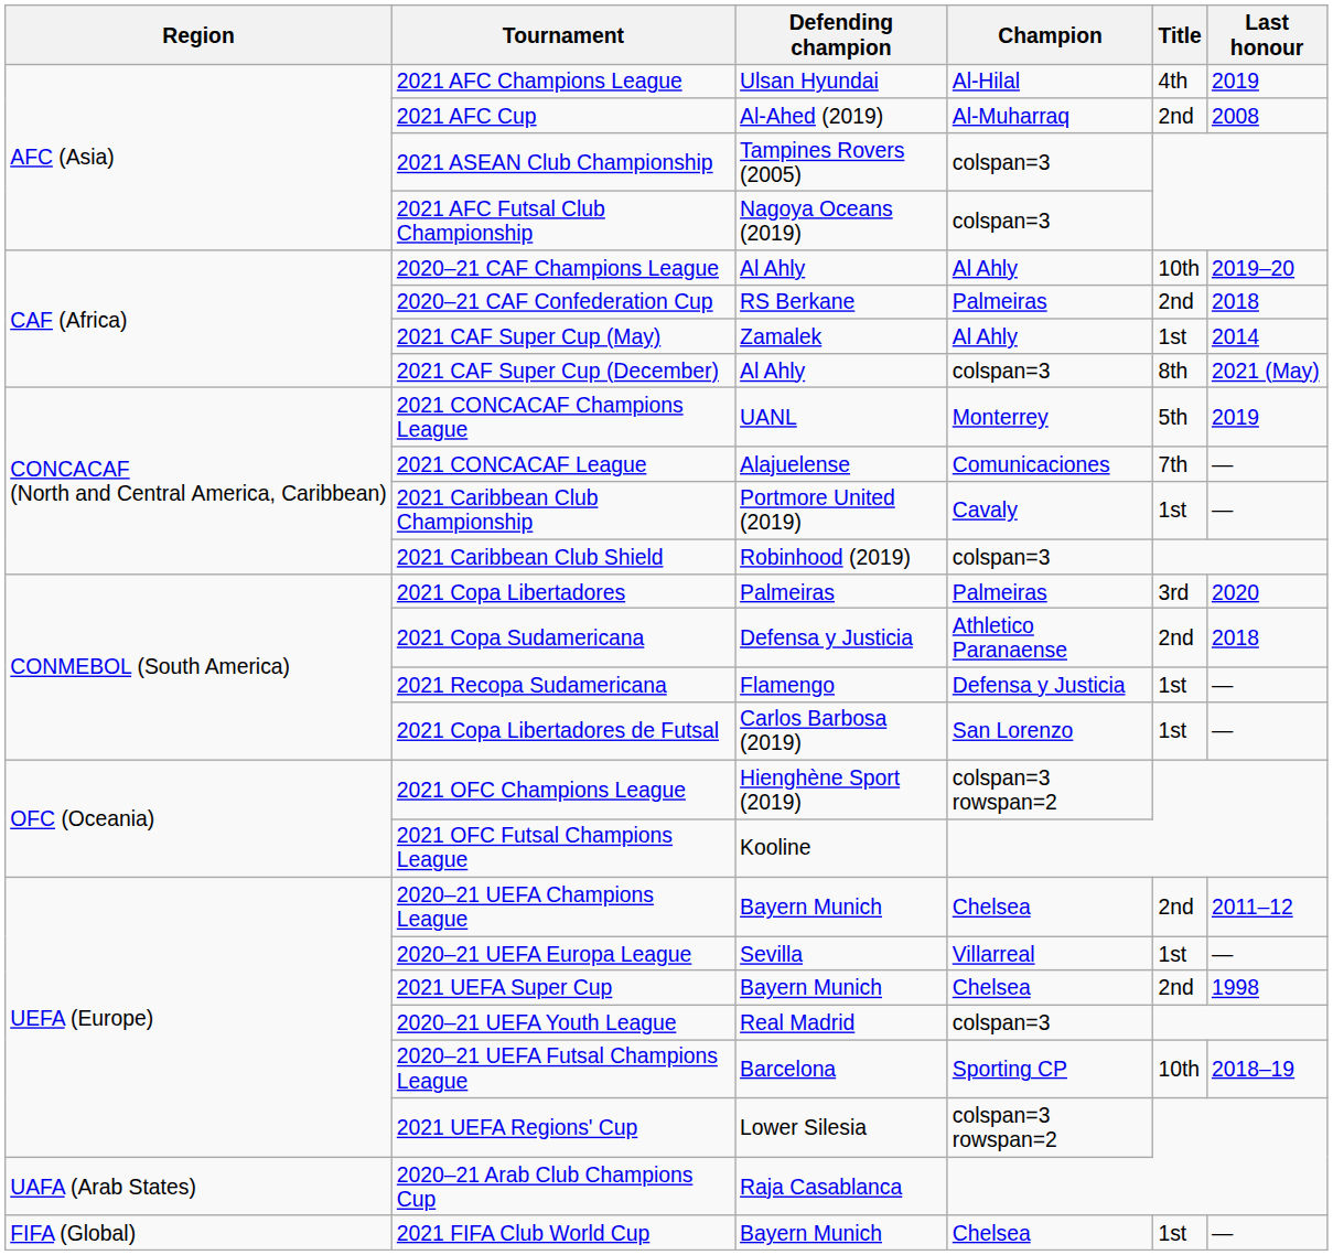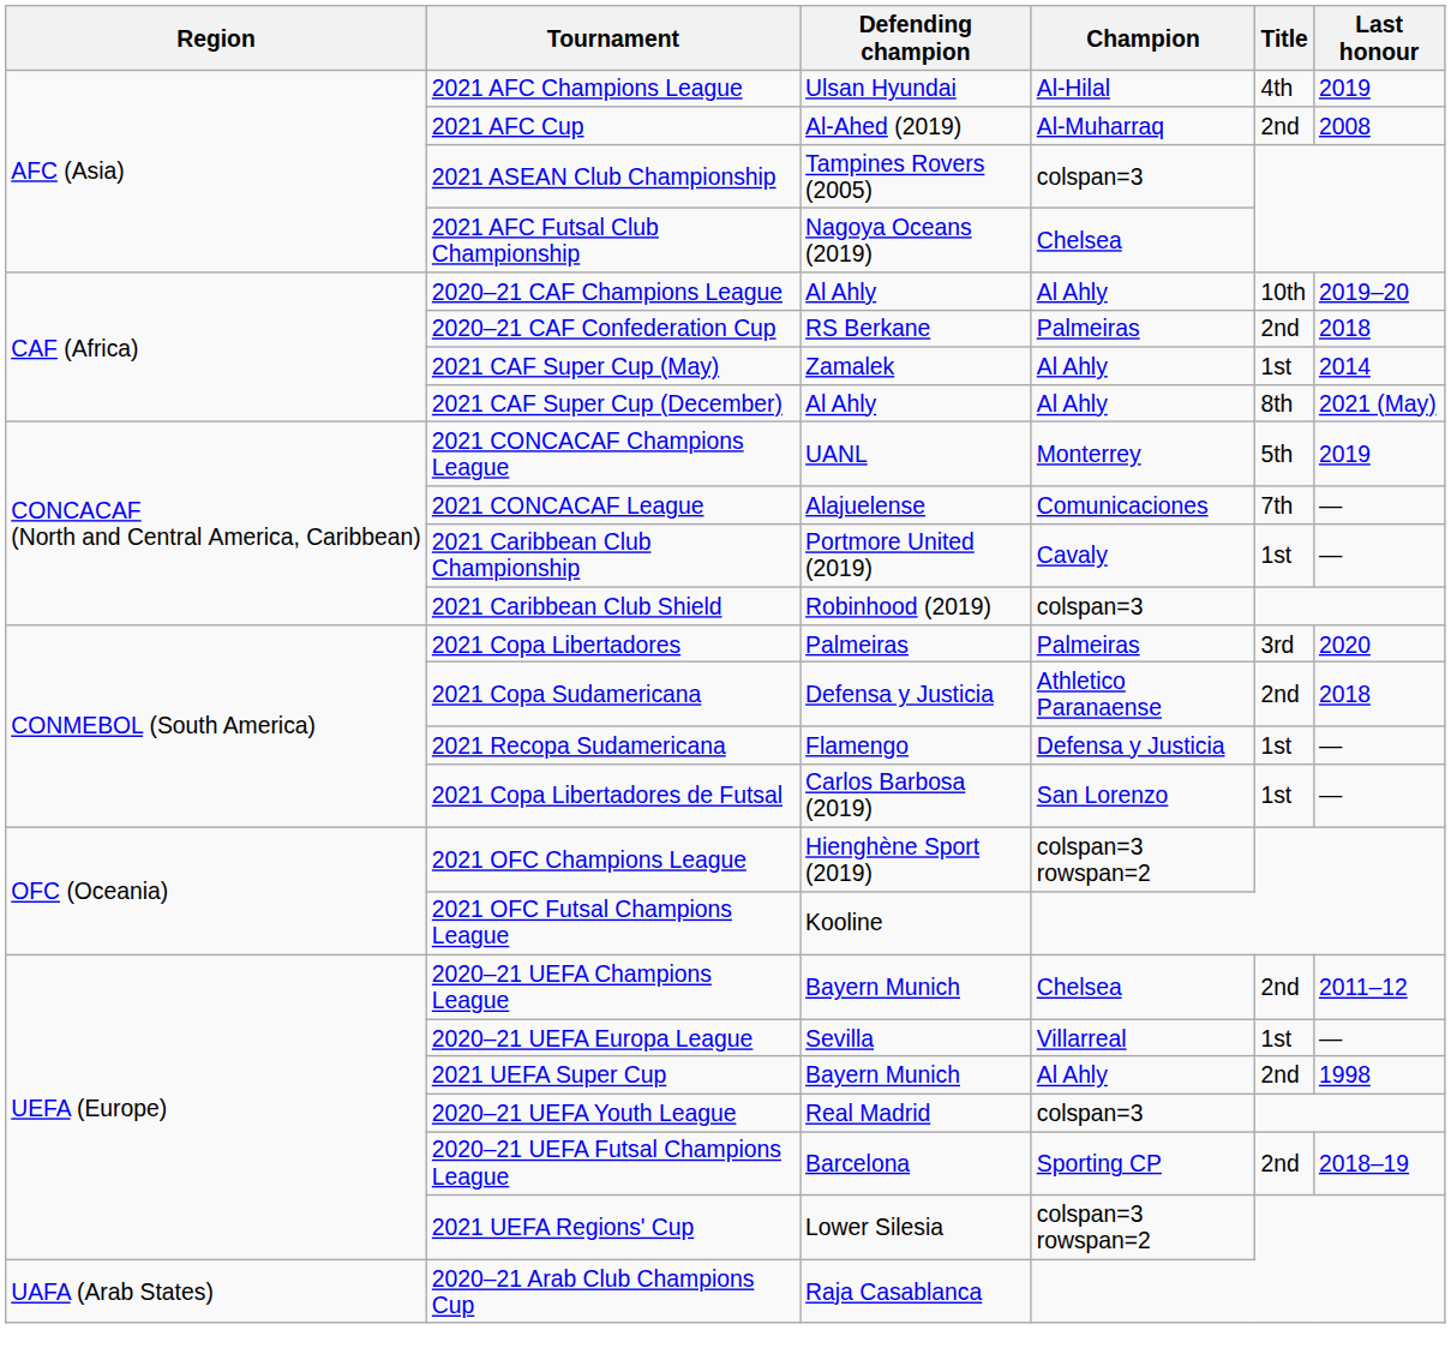 <table class=wikitable style="font-size:14px">
 <tr>
 <th>Region</th>
 <th>Tournament</th>
 <th>Defending champion</th>
 <th>Champion</th>
 <th>Title</th>
 <th>Last honour</th>
 </tr>
 <tr>
 <td rowspan=4><a href='#'>AFC</a> (Asia)</td>
 <td><a href='#'>2021 AFC Champions League</a></td>
 <td> <a href='#'>Ulsan Hyundai</a></td>
 <td> <a href='#'>Al-Hilal</a></td>
 <td>4th</td>
 <td><a href='#'>2019</a></td>
 </tr>
 <tr>
 <td><a href='#'>2021 AFC Cup</a></td>
 <td> <a href='#'>Al-Ahed</a> (2019)</td>
 <td> <a href='#'>Al-Muharraq</a></td>
 <td>2nd</td>
 <td><a href='#'>2008</a></td>
 </tr>
 <tr>
 <td><a href='#'>2021 ASEAN Club Championship</a></td>
 <td> <a href='#'>Tampines Rovers</a> (2005)</td>
 <td>colspan=3 </td>
 </tr>
 <tr>
 <td><a href='#'>2021 AFC Futsal Club Championship</a></td>
 <td> <a href='#'>Nagoya Oceans</a> (2019)</td>
-<td>colspan=3 </td>
+<td> <a href='#'>Chelsea</a></td>
 </tr>
 <tr>
 <td rowspan=4><a href='#'>CAF</a> (Africa)</td>
 <td><a href='#'>2020–21 CAF Champions League</a></td>
 <td> <a href='#'>Al Ahly</a></td>
 <td> <a href='#'>Al Ahly</a></td>
 <td>10th</td>
 <td><a href='#'>2019–20</a></td>
 </tr>
 <tr>
 <td><a href='#'>2020–21 CAF Confederation Cup</a></td>
 <td> <a href='#'>RS Berkane</a></td>
 <td> <a href='#'>Palmeiras</a></td>
 <td>2nd</td>
 <td><a href='#'>2018</a></td>
 </tr>
 <tr>
 <td><a href='#'>2021 CAF Super Cup (May)</a></td>
 <td> <a href='#'>Zamalek</a></td>
 <td> <a href='#'>Al Ahly</a></td>
 <td>1st</td>
 <td><a href='#'>2014</a></td>
 </tr>
 <tr>
 <td><a href='#'>2021 CAF Super Cup (December)</a></td>
 <td> <a href='#'>Al Ahly</a></td>
-<td>colspan=3 </td>
+<td> <a href='#'>Al Ahly</a></td>
 <td>8th</td>
 <td><a href='#'>2021 (May)</a></td>
 </tr>
 <tr>
 <td rowspan=4><a href='#'>CONCACAF</a><br>(North and Central America, Caribbean)</td>
 <td><a href='#'>2021 CONCACAF Champions League</a></td>
 <td> <a href='#'>UANL</a></td>
 <td> <a href='#'>Monterrey</a></td>
 <td>5th</td>
 <td><a href='#'>2019</a></td>
 </tr>
 <tr>
 <td><a href='#'>2021 CONCACAF League</a></td>
 <td> <a href='#'>Alajuelense</a></td>
 <td> <a href='#'>Comunicaciones</a></td>
 <td>7th</td>
 <td>—</td>
 </tr>
 <tr>
 <td><a href='#'>2021 Caribbean Club Championship</a></td>
 <td> <a href='#'>Portmore United</a> (2019)</td>
 <td> <a href='#'>Cavaly</a></td>
 <td>1st</td>
 <td>—</td>
 </tr>
 <tr>
 <td><a href='#'>2021 Caribbean Club Shield</a></td>
 <td> <a href='#'>Robinhood</a> (2019)</td>
 <td>colspan=3 </td>
 </tr>
 <tr>
 <td rowspan=4><a href='#'>CONMEBOL</a> (South America)</td>
 <td><a href='#'>2021 Copa Libertadores</a></td>
 <td> <a href='#'>Palmeiras</a></td>
 <td> <a href='#'>Palmeiras</a></td>
 <td>3rd</td>
 <td><a href='#'>2020</a></td>
 </tr>
 <tr>
 <td><a href='#'>2021 Copa Sudamericana</a></td>
 <td> <a href='#'>Defensa y Justicia</a></td>
 <td> <a href='#'>Athletico Paranaense</a></td>
 <td>2nd</td>
 <td><a href='#'>2018</a></td>
 </tr>
 <tr>
 <td><a href='#'>2021 Recopa Sudamericana</a></td>
 <td> <a href='#'>Flamengo</a></td>
 <td> <a href='#'>Defensa y Justicia</a></td>
 <td>1st</td>
 <td>—</td>
 </tr>
 <tr>
 <td><a href='#'>2021 Copa Libertadores de Futsal</a></td>
 <td> <a href='#'>Carlos Barbosa</a> (2019)</td>
 <td> <a href='#'>San Lorenzo</a></td>
 <td>1st</td>
 <td>—</td>
 </tr>
 <tr>
 <td rowspan=2><a href='#'>OFC</a> (Oceania)</td>
 <td><a href='#'>2021 OFC Champions League</a></td>
 <td> <a href='#'>Hienghène Sport</a> (2019)</td>
 <td>colspan=3 rowspan=2 </td>
 </tr>
 <tr>
 <td><a href='#'>2021 OFC Futsal Champions League</a></td>
 <td> Kooline</td>
 </tr>
 <tr>
 <td rowspan=6><a href='#'>UEFA</a> (Europe)</td>
 <td><a href='#'>2020–21 UEFA Champions League</a></td>
 <td> <a href='#'>Bayern Munich</a></td>
 <td> <a href='#'>Chelsea</a></td>
 <td>2nd</td>
 <td><a href='#'>2011–12</a></td>
 </tr>
 <tr>
 <td><a href='#'>2020–21 UEFA Europa League</a></td>
 <td> <a href='#'>Sevilla</a></td>
 <td> <a href='#'>Villarreal</a></td>
 <td>1st</td>
 <td>—</td>
 </tr>
 <tr>
 <td><a href='#'>2021 UEFA Super Cup</a></td>
 <td> <a href='#'>Bayern Munich</a></td>
-<td> <a href='#'>Chelsea</a></td>
+<td> <a href='#'>Al Ahly</a></td>
 <td>2nd</td>
 <td><a href='#'>1998</a></td>
 </tr>
 <tr>
 <td><a href='#'>2020–21 UEFA Youth League</a></td>
 <td> <a href='#'>Real Madrid</a></td>
 <td>colspan=3 </td>
 </tr>
 <tr>
 <td><a href='#'>2020–21 UEFA Futsal Champions League</a></td>
 <td> <a href='#'>Barcelona</a></td>
 <td> <a href='#'>Sporting CP</a></td>
-<td>10th</td>
+<td>2nd</td>
 <td><a href='#'>2018–19</a></td>
 </tr>
 <tr>
 <td><a href='#'>2021 UEFA Regions' Cup</a></td>
 <td> Lower Silesia</td>
 <td>colspan=3 rowspan=2 </td>
 </tr>
 <tr>
 <td><a href='#'>UAFA</a> (Arab States)</td>
 <td><a href='#'>2020–21 Arab Club Champions Cup</a></td>
 <td> <a href='#'>Raja Casablanca</a></td>
 </tr>
-<tr>
-<td><a href='#'>FIFA</a> (Global)</td>
-<td><a href='#'>2021 FIFA Club World Cup</a></td>
-<td> <a href='#'>Bayern Munich</a></td>
-<td> <a href='#'>Chelsea</a></td>
-<td>1st</td>
-<td>—</td>
-</tr>
 </table>
